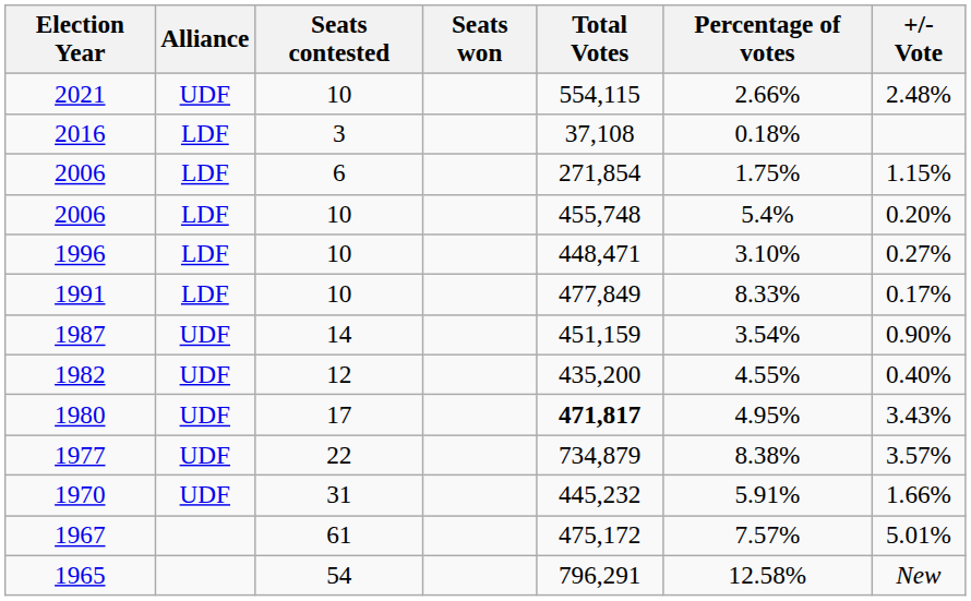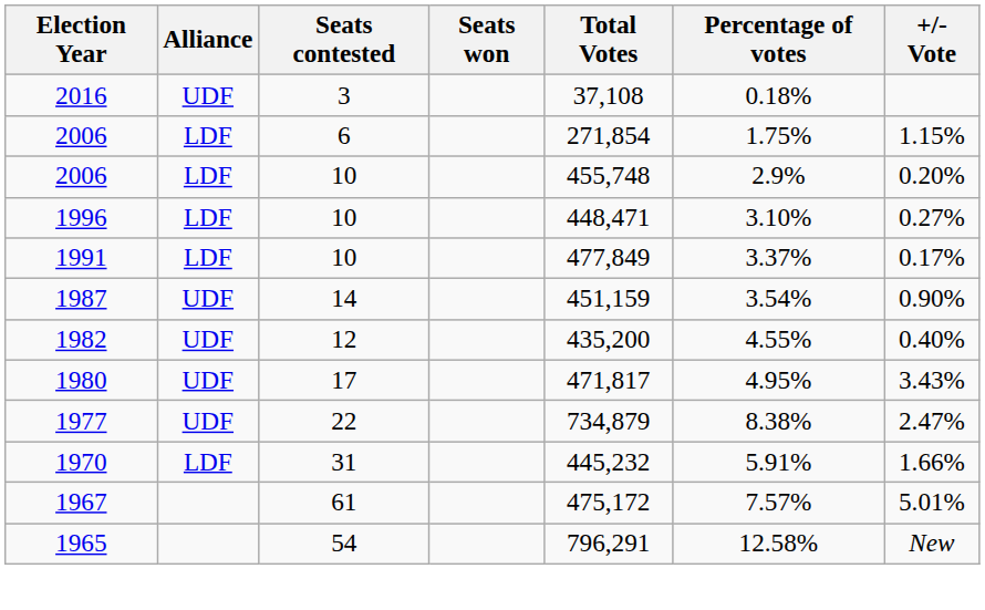 <table class="wikitable" style="text-align:center">
 <tr>
 <th Style="background-color:">Election Year</th>
 <th Style="background-color:">Alliance</th>
 <th Style="background-color:">Seats contested</th>
 <th Style="background-color:">Seats won</th>
 <th Style="background-color:">Total Votes</th>
 <th Style="background-color:">Percentage of votes</th>
 <th Style="background-color:">+/- Vote</th>
 </tr>
 <tr>
-<td><a href='#'>2021</a></td>
+<td><a href='#'>2016</a></td>
 <td><a href='#'>UDF</a></td>
-<td>10</td>
-<td></td>
-<td>554,115</td>
-<td>2.66%</td>
-<td> 2.48%</td>
-</tr>
-<tr>
-<td><a href='#'>2016</a></td>
-<td><a href='#'>LDF</a></td>
 <td>3</td>
 <td></td>
 <td>37,108</td>
 <td>0.18%</td>
 <td></td>
 </tr>
 <tr>
 <td><a href='#'>2006</a></td>
 <td><a href='#'>LDF</a></td>
 <td>6</td>
 <td></td>
 <td>271,854</td>
 <td>1.75%</td>
 <td> 1.15%</td>
 </tr>
 <tr>
 <td><a href='#'>2006</a></td>
 <td><a href='#'>LDF</a></td>
 <td>10</td>
 <td></td>
 <td>455,748</td>
-<td>5.4%</td>
+<td>2.9%</td>
 <td> 0.20%</td>
 </tr>
 <tr>
 <td><a href='#'>1996</a></td>
 <td><a href='#'>LDF</a></td>
 <td>10</td>
 <td></td>
 <td>448,471</td>
 <td>3.10%</td>
 <td> 0.27%</td>
 </tr>
 <tr>
 <td><a href='#'>1991</a></td>
 <td><a href='#'>LDF</a></td>
 <td>10</td>
 <td></td>
 <td>477,849</td>
-<td>8.33%</td>
+<td>3.37%</td>
 <td> 0.17%</td>
 </tr>
 <tr>
 <td><a href='#'>1987</a></td>
 <td><a href='#'>UDF</a></td>
 <td>14</td>
 <td></td>
 <td>451,159</td>
 <td>3.54%</td>
 <td> 0.90%</td>
 </tr>
 <tr>
 <td><a href='#'>1982</a></td>
 <td><a href='#'>UDF</a></td>
 <td>12</td>
 <td></td>
 <td>435,200</td>
 <td>4.55%</td>
 <td> 0.40%</td>
 </tr>
 <tr>
 <td><a href='#'>1980</a></td>
 <td><a href='#'>UDF</a></td>
 <td>17</td>
 <td></td>
-<td><strong>471,817</strong></td>
+<td>471,817</td>
 <td>4.95%</td>
 <td> 3.43%</td>
 </tr>
 <tr>
 <td><a href='#'>1977</a></td>
 <td><a href='#'>UDF</a></td>
 <td>22</td>
 <td></td>
 <td>734,879</td>
 <td>8.38%</td>
-<td> 3.57%</td>
+<td> 2.47%</td>
 </tr>
 <tr>
 <td><a href='#'>1970</a></td>
-<td><a href='#'>UDF</a></td>
+<td><a href='#'>LDF</a></td>
 <td>31</td>
 <td></td>
 <td>445,232</td>
 <td>5.91%</td>
 <td> 1.66%</td>
 </tr>
 <tr>
 <td><a href='#'>1967</a></td>
 <td></td>
 <td>61</td>
 <td></td>
 <td>475,172</td>
 <td>7.57%</td>
 <td> 5.01%</td>
 </tr>
 <tr>
 <td><a href='#'>1965</a></td>
 <td></td>
 <td>54</td>
 <td></td>
 <td>796,291</td>
 <td>12.58%</td>
 <td><em>New</em></td>
 </tr>
 </table>
